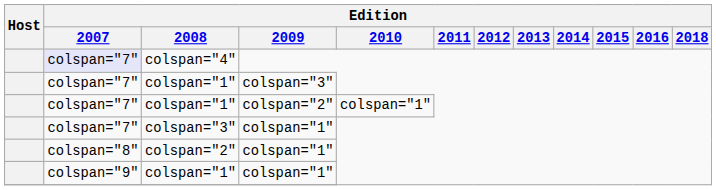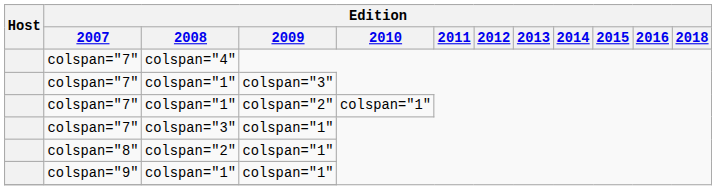 <table class="wikitable plainrowheaders" style="text-align:center;">
 <tr>
 <th rowspan=2 style="width:20%;" scope="col">Host</th>
 <th colspan="11">Edition</th>
 </tr>
 <tr>
 <th style="width:3.5%;" scope="col"><a href='#'>2007</a></th>
 <th style="width:3.5%;" scope="col"><a href='#'>2008</a></th>
 <th style="width:3.5%;" scope="col"><a href='#'>2009</a></th>
 <th style="width:3.5%;" scope="col"><a href='#'>2010</a></th>
 <th style="width:3.5%;" scope="col"><a href='#'>2011</a></th>
 <th style="width:3.5%;" scope="col"><a href='#'>2012</a></th>
 <th style="width:3.5%;" scope="col"><a href='#'>2013</a></th>
 <th style="width:3.5%;" scope="col"><a href='#'>2014</a></th>
 <th style="width:3.5%;" scope="col"><a href='#'>2015</a></th>
 <th style="width:3.5%;" scope="col"><a href='#'>2016</a></th>
 <th style="width:3.5%;" scope="col"><a href='#'>2018</a></th>
 </tr>
 <tr>
 <th scope="row"></th>
-<td style="background: lavender;">colspan="7" </td>
+<td>colspan="7" </td>
 <td>colspan="4" </td>
 </tr>
 <tr>
 <th scope="row"></th>
 <td>colspan="7" </td>
 <td>colspan="1" </td>
 <td>colspan="3" </td>
 </tr>
 <tr>
 <th scope="row"></th>
 <td>colspan="7" </td>
 <td>colspan="1" </td>
 <td>colspan="2" </td>
 <td>colspan="1" </td>
 </tr>
 <tr>
 <th scope="row"></th>
 <td>colspan="7" </td>
 <td>colspan="3" </td>
 <td>colspan="1" </td>
 </tr>
 <tr>
 <th scope="row"></th>
 <td>colspan="8" </td>
 <td>colspan="2" </td>
 <td>colspan="1" </td>
 </tr>
 <tr>
 <th scope="row"></th>
 <td>colspan="9" </td>
 <td>colspan="1" </td>
 <td>colspan="1" </td>
 </tr>
 <tr>
 </tr>
 </table>
